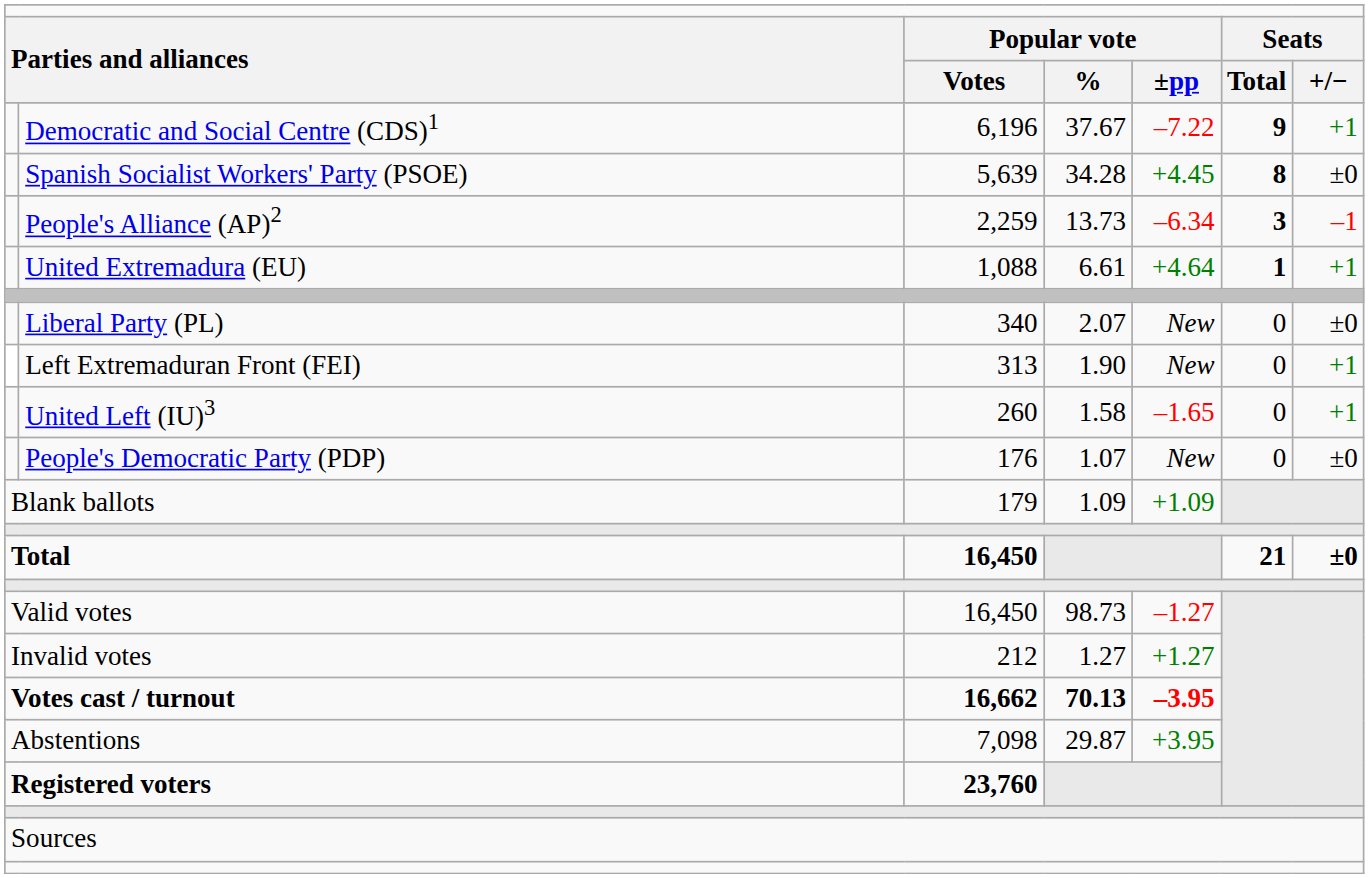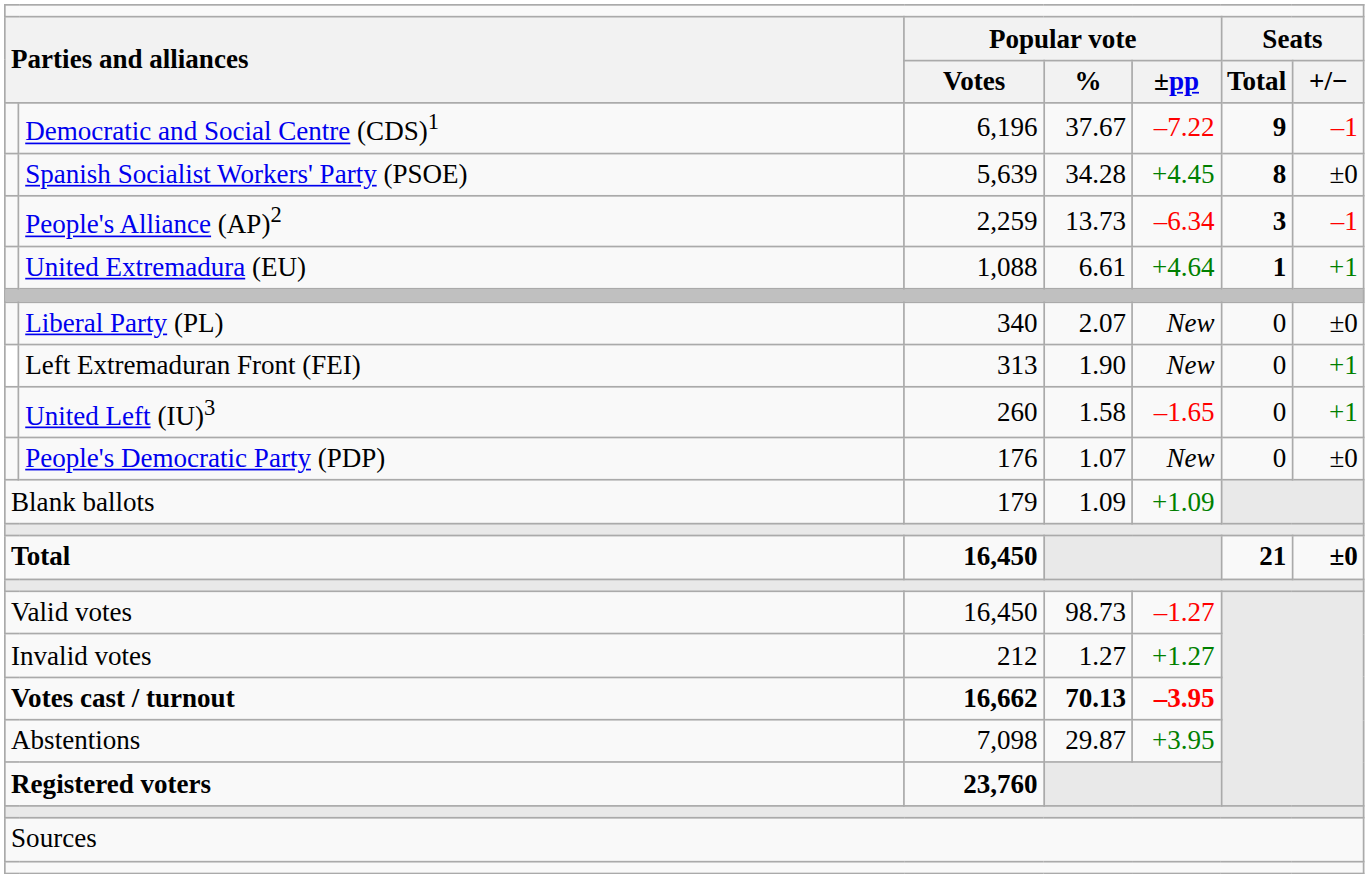 <table class="wikitable" style="text-align:right;">
 <tr>
 <td colspan="7"></td>
 </tr>
 <tr>
 <th style="text-align:left;" rowspan="2" colspan="2" width="525">Parties and alliances</th>
 <th colspan="3">Popular vote</th>
 <th colspan="2">Seats</th>
 </tr>
 <tr>
 <th width="75">Votes</th>
 <th width="45">%</th>
 <th width="45">±<a href='#'>pp</a></th>
 <th width="35">Total</th>
 <th width="35">+/−</th>
 </tr>
 <tr>
 <td width="1" style="color:inherit;background:"></td>
 <td align="left"><a href='#'>Democratic and Social Centre</a> (CDS)<sup>1</sup></td>
 <td>6,196</td>
 <td>37.67</td>
 <td style="color:red;">–7.22</td>
 <td><strong>9</strong></td>
-<td style="color:green;">+1</td>
+<td style="color:red;">–1</td>
 </tr>
 <tr>
 <td style="color:inherit;background:"></td>
 <td align="left"><a href='#'>Spanish Socialist Workers' Party</a> (PSOE)</td>
 <td>5,639</td>
 <td>34.28</td>
 <td style="color:green;">+4.45</td>
 <td><strong>8</strong></td>
 <td>±0</td>
 </tr>
 <tr>
 <td style="color:inherit;background:"></td>
 <td align="left"><a href='#'>People's Alliance</a> (AP)<sup>2</sup></td>
 <td>2,259</td>
 <td>13.73</td>
 <td style="color:red;">–6.34</td>
 <td><strong>3</strong></td>
 <td style="color:red;">–1</td>
 </tr>
 <tr>
 <td style="color:inherit;background:"></td>
 <td align="left"><a href='#'>United Extremadura</a> (EU)</td>
 <td>1,088</td>
 <td>6.61</td>
 <td style="color:green;">+4.64</td>
 <td><strong>1</strong></td>
 <td style="color:green;">+1</td>
 </tr>
 <tr>
 <td colspan="7" bgcolor="#C0C0C0"></td>
 </tr>
 <tr>
 <td style="color:inherit;background:"></td>
 <td align="left"><a href='#'>Liberal Party</a> (PL)</td>
 <td>340</td>
 <td>2.07</td>
 <td><em>New</em></td>
 <td>0</td>
 <td>±0</td>
 </tr>
 <tr>
 <td bgcolor="white"></td>
 <td align="left">Left Extremaduran Front (FEI)</td>
 <td>313</td>
 <td>1.90</td>
 <td><em>New</em></td>
 <td>0</td>
 <td style="color:green;">+1</td>
 </tr>
 <tr>
 <td style="color:inherit;background:"></td>
 <td align="left"><a href='#'>United Left</a> (IU)<sup>3</sup></td>
 <td>260</td>
 <td>1.58</td>
 <td style="color:red;">–1.65</td>
 <td>0</td>
 <td style="color:green;">+1</td>
 </tr>
 <tr>
 <td style="color:inherit;background:"></td>
 <td align="left"><a href='#'>People's Democratic Party</a> (PDP)</td>
 <td>176</td>
 <td>1.07</td>
 <td><em>New</em></td>
 <td>0</td>
 <td>±0</td>
 </tr>
 <tr>
 <td align="left" colspan="2">Blank ballots</td>
 <td>179</td>
 <td>1.09</td>
 <td style="color:green;">+1.09</td>
 <td bgcolor="#E9E9E9" colspan="2"></td>
 </tr>
 <tr>
 <td colspan="7" bgcolor="#E9E9E9"></td>
 </tr>
 <tr style="font-weight:bold;">
 <td align="left" colspan="2">Total</td>
 <td>16,450</td>
 <td bgcolor="#E9E9E9" colspan="2"></td>
 <td>21</td>
 <td>±0</td>
 </tr>
 <tr>
 <td colspan="7" bgcolor="#E9E9E9"></td>
 </tr>
 <tr>
 <td align="left" colspan="2">Valid votes</td>
 <td>16,450</td>
 <td>98.73</td>
 <td style="color:red;">–1.27</td>
 <td bgcolor="#E9E9E9" colspan="2" rowspan="5"></td>
 </tr>
 <tr>
 <td align="left" colspan="2">Invalid votes</td>
 <td>212</td>
 <td>1.27</td>
 <td style="color:green;">+1.27</td>
 </tr>
 <tr style="font-weight:bold;">
 <td align="left" colspan="2">Votes cast / turnout</td>
 <td>16,662</td>
 <td>70.13</td>
 <td style="color:red;">–3.95</td>
 </tr>
 <tr>
 <td align="left" colspan="2">Abstentions</td>
 <td>7,098</td>
 <td>29.87</td>
 <td style="color:green;">+3.95</td>
 </tr>
 <tr style="font-weight:bold;">
 <td align="left" colspan="2">Registered voters</td>
 <td>23,760</td>
 <td bgcolor="#E9E9E9" colspan="2"></td>
 </tr>
 <tr>
 <td colspan="7" bgcolor="#E9E9E9"></td>
 </tr>
 <tr>
 <td align="left" colspan="7">Sources</td>
 </tr>
 <tr>
 <td colspan="7" style="text-align:left; max-width:790px;"></td>
 </tr>
 </table>
